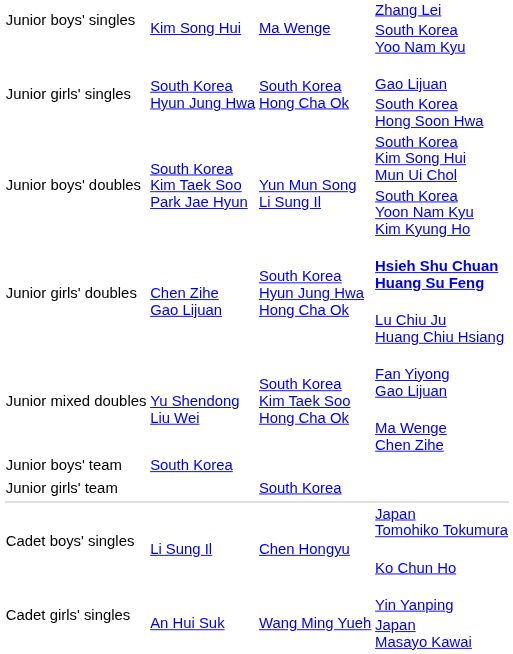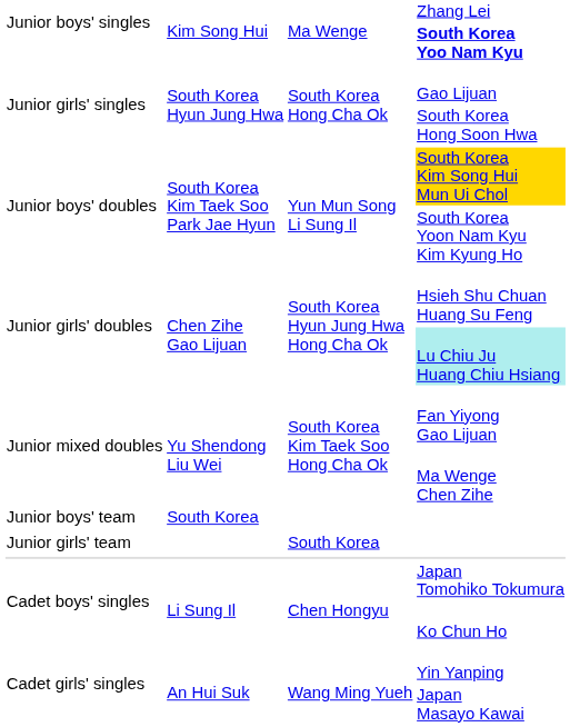 <table>
 <tr>
 <td rowspan=2>Junior boys' singles</td>
 <td rowspan=2><br><a href='#'>Kim Song Hui</a></td>
 <td rowspan=2><br><a href='#'>Ma Wenge</a></td>
 <td><br><a href='#'>Zhang Lei</a></td>
 </tr>
 <tr>
-<td> <a href='#'>South Korea</a><br><a href='#'>Yoo Nam Kyu</a></td>
+<td><strong> <a href='#'>South Korea</a><br><a href='#'>Yoo Nam Kyu</a></strong></td>
 </tr>
 <tr>
 <td rowspan=2>Junior girls' singles</td>
 <td rowspan=2> <a href='#'>South Korea</a><br><a href='#'>Hyun Jung Hwa</a></td>
 <td rowspan=2> <a href='#'>South Korea</a><br><a href='#'>Hong Cha Ok</a></td>
 <td><br><a href='#'>Gao Lijuan</a></td>
 </tr>
 <tr>
 <td> <a href='#'>South Korea</a><br><a href='#'>Hong Soon Hwa</a></td>
 </tr>
 <tr>
 <td rowspan=2>Junior boys' doubles</td>
 <td rowspan=2> <a href='#'>South Korea</a><br><a href='#'>Kim Taek Soo</a><br><a href='#'>Park Jae Hyun</a></td>
 <td rowspan=2><br><a href='#'>Yun Mun Song</a><br><a href='#'>Li Sung Il</a></td>
-<td> <a href='#'>South Korea</a><br><a href='#'>Kim Song Hui</a><br><a href='#'>Mun Ui Chol</a></td>
+<td style="background: gold;"> <a href='#'>South Korea</a><br><a href='#'>Kim Song Hui</a><br><a href='#'>Mun Ui Chol</a></td>
 </tr>
 <tr>
 <td> <a href='#'>South Korea</a><br><a href='#'>Yoon Nam Kyu</a><br><a href='#'>Kim Kyung Ho</a></td>
 </tr>
 <tr>
 <td rowspan=2>Junior girls' doubles</td>
 <td rowspan=2><br><a href='#'>Chen Zihe</a><br><a href='#'>Gao Lijuan</a></td>
 <td rowspan=2> <a href='#'>South Korea</a><br><a href='#'>Hyun Jung Hwa</a><br><a href='#'>Hong Cha Ok</a></td>
-<td><strong><br><a href='#'>Hsieh Shu Chuan</a><br><a href='#'>Huang Su Feng</a></strong></td>
+<td><br><a href='#'>Hsieh Shu Chuan</a><br><a href='#'>Huang Su Feng</a></td>
 </tr>
 <tr>
-<td><br><a href='#'>Lu Chiu Ju</a><br><a href='#'>Huang Chiu Hsiang</a></td>
+<td style="background: paleturquoise;"><br><a href='#'>Lu Chiu Ju</a><br><a href='#'>Huang Chiu Hsiang</a></td>
 </tr>
 <tr>
 <td rowspan=2>Junior mixed doubles</td>
 <td rowspan=2><br><a href='#'>Yu Shendong</a><br><a href='#'>Liu Wei</a></td>
 <td rowspan=2> <a href='#'>South Korea</a><br><a href='#'>Kim Taek Soo</a><br><a href='#'>Hong Cha Ok</a></td>
 <td><br><a href='#'>Fan Yiyong</a><br><a href='#'>Gao Lijuan</a></td>
 </tr>
 <tr>
 <td><br><a href='#'>Ma Wenge</a><br><a href='#'>Chen Zihe</a></td>
 </tr>
 <tr>
 <td rowspan=1>Junior boys' team</td>
 <td rowspan=1> <a href='#'>South Korea</a></td>
 <td rowspan=1></td>
 <td></td>
 </tr>
 <tr>
 </tr>
 <tr>
 <td rowspan=1>Junior girls' team</td>
 <td rowspan=1></td>
 <td rowspan=1> <a href='#'>South Korea</a></td>
 <td></td>
 </tr>
 <tr>
 </tr>
 <tr style="background:#dddddd;">
 <td colspan=7></td>
 </tr>
 <tr>
 <td rowspan=2>Cadet boys' singles</td>
 <td rowspan=2><br><a href='#'>Li Sung Il</a></td>
 <td rowspan=2><br><a href='#'>Chen Hongyu</a></td>
 <td> <a href='#'>Japan</a><br><a href='#'>Tomohiko Tokumura</a></td>
 </tr>
 <tr>
 <td><br><a href='#'>Ko Chun Ho</a></td>
 </tr>
 <tr>
 <td rowspan=2>Cadet girls' singles</td>
 <td rowspan=2><br><a href='#'>An Hui Suk</a></td>
 <td rowspan=2><br><a href='#'>Wang Ming Yueh</a></td>
 <td><br><a href='#'>Yin Yanping</a></td>
 </tr>
 <tr>
 <td> <a href='#'>Japan</a><br><a href='#'>Masayo Kawai</a></td>
 </tr>
 </table>
